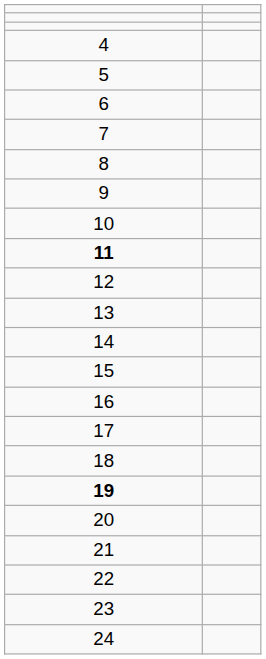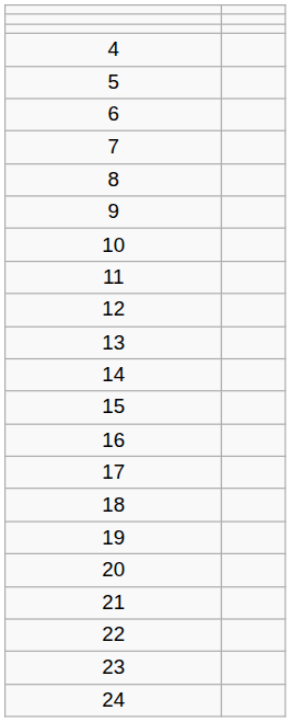 <table class="wikitable" width="220px">
 <tr>
 <td align=center></td>
 <td></td>
 </tr>
 <tr>
 <td align=center></td>
 <td></td>
 </tr>
 <tr>
 <td align=center></td>
 <td></td>
 </tr>
 <tr>
 <td align=center>4</td>
 <td></td>
 </tr>
 <tr>
 <td align=center>5</td>
 <td></td>
 </tr>
 <tr>
 <td align=center>6</td>
 <td></td>
 </tr>
 <tr>
 <td align=center>7</td>
 <td></td>
 </tr>
 <tr>
 <td align=center>8</td>
 <td></td>
 </tr>
 <tr>
 <td align=center>9</td>
 <td></td>
 </tr>
 <tr>
 <td align=center>10</td>
 <td></td>
 </tr>
 <tr>
-<td align=center><strong>11</strong></td>
+<td align=center>11</td>
 <td></td>
 </tr>
 <tr>
 <td align=center>12</td>
 <td></td>
 </tr>
 <tr>
 <td align=center>13</td>
 <td></td>
 </tr>
 <tr>
 <td align=center>14</td>
 <td></td>
 </tr>
 <tr>
 <td align=center>15</td>
 <td></td>
 </tr>
 <tr>
 <td align=center>16</td>
 <td></td>
 </tr>
 <tr>
 <td align=center>17</td>
 <td></td>
 </tr>
 <tr>
 <td align=center>18</td>
 <td></td>
 </tr>
 <tr>
-<td align=center><strong>19</strong></td>
+<td align=center>19</td>
 <td></td>
 </tr>
 <tr>
 <td align=center>20</td>
 <td></td>
 </tr>
 <tr>
 <td align=center>21</td>
 <td></td>
 </tr>
 <tr>
 <td align=center>22</td>
 <td></td>
 </tr>
 <tr>
 <td align=center>23</td>
 <td></td>
 </tr>
 <tr>
 <td align=center>24</td>
 <td></td>
 </tr>
 </table>
